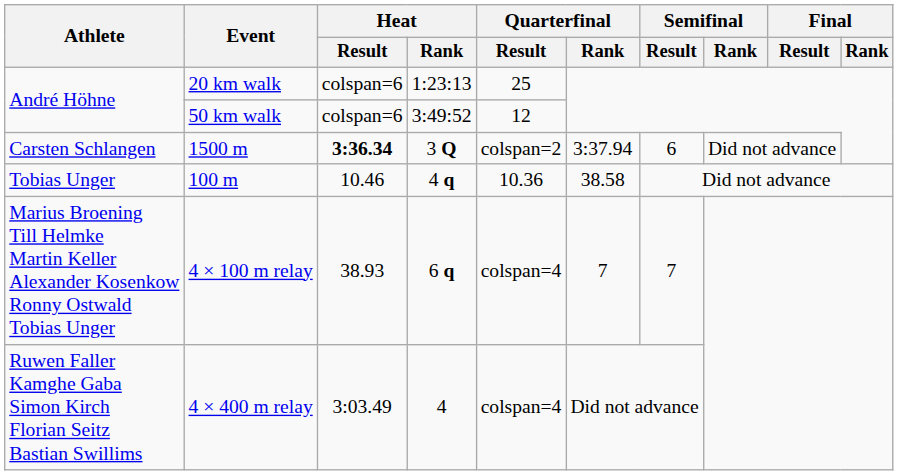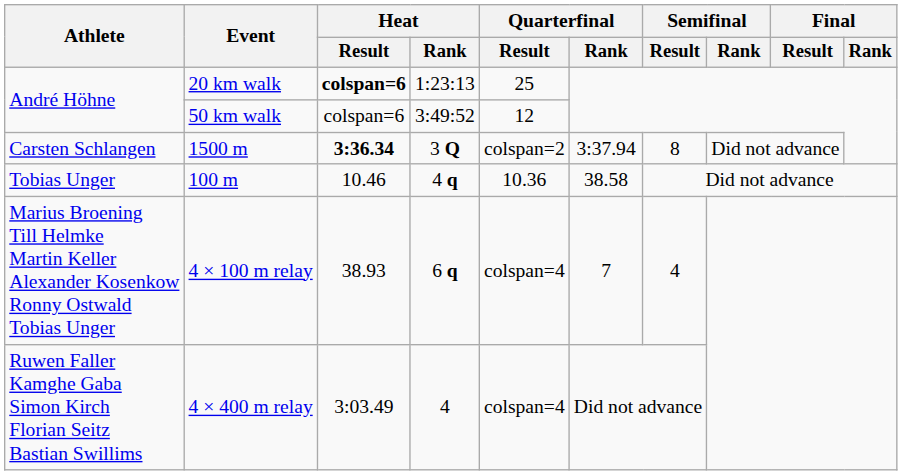 <table class=wikitable style="font-size:90%">
 <tr>
 <th rowspan="2">Athlete</th>
 <th rowspan="2">Event</th>
 <th colspan="2">Heat</th>
 <th colspan="2">Quarterfinal</th>
 <th colspan="2">Semifinal</th>
 <th colspan="2">Final</th>
 </tr>
 <tr style="font-size:95%">
 <th>Result</th>
 <th>Rank</th>
 <th>Result</th>
 <th>Rank</th>
 <th>Result</th>
 <th>Rank</th>
 <th>Result</th>
 <th>Rank</th>
 </tr>
 <tr align=center>
 <td align=left rowspan=2><a href='#'>André Höhne</a></td>
 <td align=left><a href='#'>20 km walk</a></td>
-<td>colspan=6 </td>
+<td><strong>colspan=6 </strong></td>
 <td>1:23:13</td>
 <td>25</td>
 </tr>
 <tr align=center>
 <td align=left><a href='#'>50 km walk</a></td>
 <td>colspan=6 </td>
 <td>3:49:52</td>
 <td>12</td>
 </tr>
 <tr align=center>
 <td align=left><a href='#'>Carsten Schlangen</a></td>
 <td align=left><a href='#'>1500 m</a></td>
 <td><strong>3:36.34</strong></td>
 <td>3 <strong>Q</strong></td>
 <td>colspan=2 </td>
 <td>3:37.94</td>
-<td>6</td>
+<td>8</td>
 <td colspan=2>Did not advance</td>
 </tr>
 <tr align=center>
 <td align=left><a href='#'>Tobias Unger</a></td>
 <td align=left><a href='#'>100 m</a></td>
 <td>10.46</td>
 <td>4 <strong>q</strong></td>
 <td>10.36</td>
 <td>38.58</td>
 <td colspan=4>Did not advance</td>
 </tr>
 <tr align=center>
 <td align=left><a href='#'>Marius Broening</a><br><a href='#'>Till Helmke</a><br><a href='#'>Martin Keller</a><br><a href='#'>Alexander Kosenkow</a><br><a href='#'>Ronny Ostwald</a><br><a href='#'>Tobias Unger</a></td>
 <td align=left><a href='#'>4 × 100 m relay</a></td>
 <td>38.93</td>
 <td>6 <strong>q</strong></td>
 <td>colspan=4 </td>
 <td>7</td>
-<td>7</td>
+<td>4</td>
 </tr>
 <tr align=center>
 <td align=left><a href='#'>Ruwen Faller</a><br><a href='#'>Kamghe Gaba</a><br><a href='#'>Simon Kirch</a><br><a href='#'>Florian Seitz</a><br><a href='#'>Bastian Swillims</a></td>
 <td align=left><a href='#'>4 × 400 m relay</a></td>
 <td>3:03.49</td>
 <td>4</td>
 <td>colspan=4 </td>
 <td colspan=2>Did not advance</td>
 </tr>
 </table>
